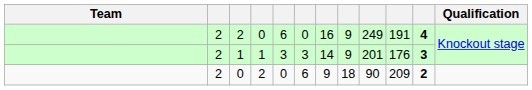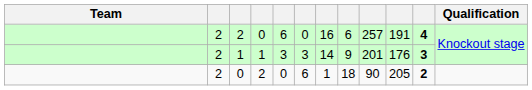 <table class=wikitable style="text-align:center">
 <tr>
 <th width=250>Team</th>
 <th width=20></th>
 <th width=20></th>
 <th width=20></th>
 <th width=20></th>
 <th width=20></th>
 <th width=20></th>
 <th width=20></th>
 <th width=20></th>
 <th width=20></th>
 <th width=20></th>
 <th>Qualification</th>
 </tr>
 <tr style="background-color:#ccffcc;">
 <td style="text-align:left;"></td>
 <td>2</td>
 <td>2</td>
 <td>0</td>
 <td>6</td>
 <td>0</td>
 <td>16</td>
-<td>9</td>
-<td>249</td>
+<td>6</td>
+<td>257</td>
 <td>191</td>
 <td><strong>4</strong></td>
 <td rowspan=2><a href='#'>Knockout stage</a></td>
 </tr>
 <tr style="background-color:#ccffcc;">
 <td style="text-align:left;"></td>
 <td>2</td>
 <td>1</td>
 <td>1</td>
 <td>3</td>
 <td>3</td>
 <td>14</td>
 <td>9</td>
 <td>201</td>
 <td>176</td>
 <td><strong>3</strong></td>
 </tr>
 <tr>
 <td style="text-align:left;"></td>
 <td>2</td>
 <td>0</td>
 <td>2</td>
 <td>0</td>
 <td>6</td>
-<td>9</td>
+<td>1</td>
 <td>18</td>
 <td>90</td>
-<td>209</td>
+<td>205</td>
 <td><strong>2</strong></td>
 <td></td>
 </tr>
 </table>
